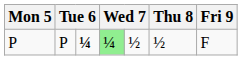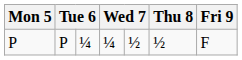 <table class="wikitable olympic-schedule table-tennis">
 <tr>
 <th>Mon 5</th>
 <th colspan="2">Tue 6</th>
 <th colspan="2">Wed 7</th>
 <th>Thu 8</th>
 <th>Fri 9</th>
 </tr>
 <tr>
 <td class="prelims">P</td>
 <td class="prelims">P</td>
-<td class="quarterfinals"><strong>¼</strong></td>
-<td class="quarterfinals" style="background: lightgreen;">¼</td>
+<td class="quarterfinals">¼</td>
+<td class="quarterfinals">¼</td>
 <td class="semifinals">½</td>
 <td class="semifinals">½</td>
 <td class="final">F</td>
 </tr>
 </table>
